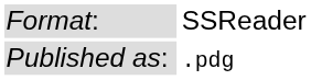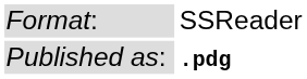 <table style="text-align:left;">
 <tr>
 <td style="background:#ddd; width:100px;"><em>Format</em>:</td>
 <td>SSReader</td>
 </tr>
 <tr>
 <td style="background:#ddd;"><em>Published as</em>:</td>
-<td><code>.pdg</code></td>
+<td><strong><code>.pdg</code></strong></td>
 </tr>
 </table>
